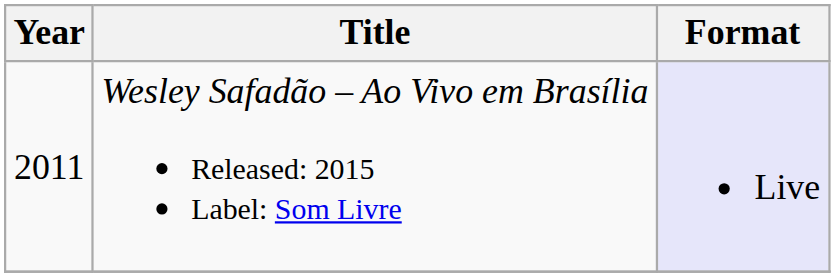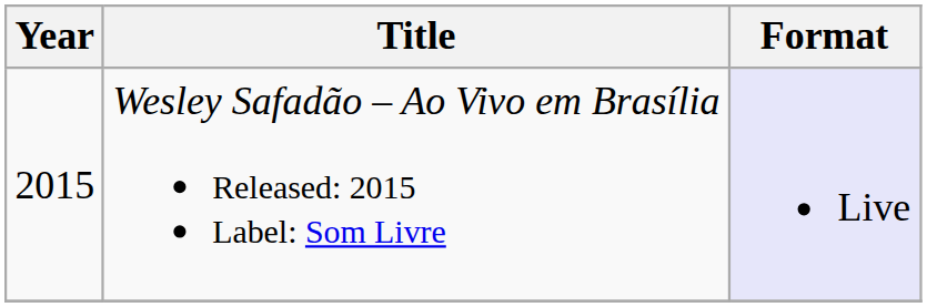 <table class="wikitable">
 <tr>
 <th>Year</th>
 <th>Title</th>
 <th>Format</th>
 </tr>
 <tr>
-<td rowspan="1" align="center">2011</td>
+<td rowspan="1" align="center">2015</td>
 <td><em>Wesley Safadão – Ao Vivo em Brasília</em><br><ul><li><small>Released: 2015</small></li><li><small>Label: <a href='#'>Som Livre</a></small></li></ul></td>
 <td align="left" style="background: lavender;"><br><ul><li>Live</li></ul></td>
 </tr>
 <tr>
 </tr>
 </table>
